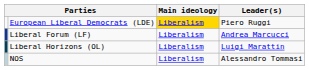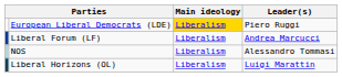 <table class="wikitable" style="font-size:95%">
 <tr>
 <th colspan=2>Parties</th>
 <th>Main ideology</th>
 <th>Leader(s)</th>
 </tr>
 <tr>
 <td></td>
 <td><a href='#'>European Liberal Democrats</a> (LDE)</td>
 <td style="background: gold;"><a href='#'>Liberalism</a></td>
 <td>Piero Ruggi</td>
 </tr>
 <tr>
 <td bgcolor="#0D3692"></td>
 <td>Liberal Forum (LF)</td>
 <td><a href='#'>Liberalism</a></td>
 <td><a href='#'>Andrea Marcucci</a></td>
 </tr>
 <tr>
+<td bgcolor="#B8D5DB"></td>
+<td>NOS</td>
+<td><a href='#'>Liberalism</a></td>
+<td>Alessandro Tommasi</td>
+</tr>
+<tr>
 <td bgcolor="#004059"></td>
 <td>Liberal Horizons (OL)</td>
 <td><a href='#'>Liberalism</a></td>
 <td><a href='#'>Luigi Marattin</a></td>
 </tr>
-<tr>
-<td bgcolor="#B8D5DB"></td>
-<td>NOS</td>
-<td><a href='#'>Liberalism</a></td>
-<td>Alessandro Tommasi</td>
-</tr>
 </table>
